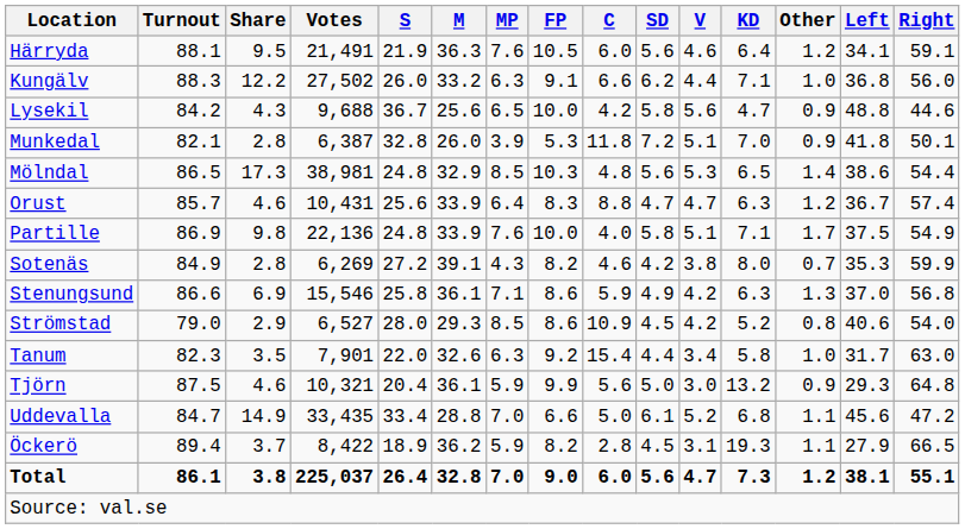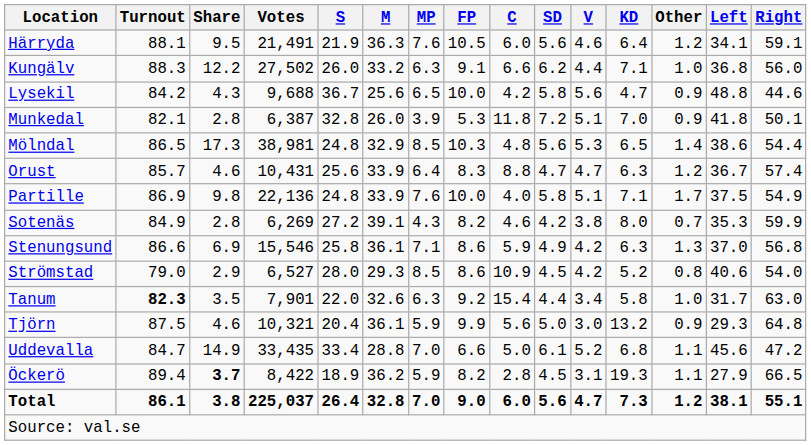 <table class="wikitable sortable" style=text-align:right>
 <tr>
 <th>Location</th>
 <th>Turnout</th>
 <th>Share</th>
 <th>Votes</th>
 <th><a href='#'>S</a></th>
 <th><a href='#'>M</a></th>
 <th><a href='#'>MP</a></th>
 <th><a href='#'>FP</a></th>
 <th><a href='#'>C</a></th>
 <th><a href='#'>SD</a></th>
 <th><a href='#'>V</a></th>
 <th><a href='#'>KD</a></th>
 <th>Other</th>
 <th><a href='#'>Left</a></th>
 <th><a href='#'>Right</a></th>
 </tr>
 <tr>
 <td align=left><a href='#'>Härryda</a></td>
 <td>88.1</td>
 <td>9.5</td>
 <td>21,491</td>
 <td>21.9</td>
 <td>36.3</td>
 <td>7.6</td>
 <td>10.5</td>
 <td>6.0</td>
 <td>5.6</td>
 <td>4.6</td>
 <td>6.4</td>
 <td>1.2</td>
 <td>34.1</td>
 <td>59.1</td>
 </tr>
 <tr>
 <td align=left><a href='#'>Kungälv</a></td>
 <td>88.3</td>
 <td>12.2</td>
 <td>27,502</td>
 <td>26.0</td>
 <td>33.2</td>
 <td>6.3</td>
 <td>9.1</td>
 <td>6.6</td>
 <td>6.2</td>
 <td>4.4</td>
 <td>7.1</td>
 <td>1.0</td>
 <td>36.8</td>
 <td>56.0</td>
 </tr>
 <tr>
 <td align=left><a href='#'>Lysekil</a></td>
 <td>84.2</td>
 <td>4.3</td>
 <td>9,688</td>
 <td>36.7</td>
 <td>25.6</td>
 <td>6.5</td>
 <td>10.0</td>
 <td>4.2</td>
 <td>5.8</td>
 <td>5.6</td>
 <td>4.7</td>
 <td>0.9</td>
 <td>48.8</td>
 <td>44.6</td>
 </tr>
 <tr>
 <td align=left><a href='#'>Munkedal</a></td>
 <td>82.1</td>
 <td>2.8</td>
 <td>6,387</td>
 <td>32.8</td>
 <td>26.0</td>
 <td>3.9</td>
 <td>5.3</td>
 <td>11.8</td>
 <td>7.2</td>
 <td>5.1</td>
 <td>7.0</td>
 <td>0.9</td>
 <td>41.8</td>
 <td>50.1</td>
 </tr>
 <tr>
 <td align=left><a href='#'>Mölndal</a></td>
 <td>86.5</td>
 <td>17.3</td>
 <td>38,981</td>
 <td>24.8</td>
 <td>32.9</td>
 <td>8.5</td>
 <td>10.3</td>
 <td>4.8</td>
 <td>5.6</td>
 <td>5.3</td>
 <td>6.5</td>
 <td>1.4</td>
 <td>38.6</td>
 <td>54.4</td>
 </tr>
 <tr>
 <td align=left><a href='#'>Orust</a></td>
 <td>85.7</td>
 <td>4.6</td>
 <td>10,431</td>
 <td>25.6</td>
 <td>33.9</td>
 <td>6.4</td>
 <td>8.3</td>
 <td>8.8</td>
 <td>4.7</td>
 <td>4.7</td>
 <td>6.3</td>
 <td>1.2</td>
 <td>36.7</td>
 <td>57.4</td>
 </tr>
 <tr>
 <td align=left><a href='#'>Partille</a></td>
 <td>86.9</td>
 <td>9.8</td>
 <td>22,136</td>
 <td>24.8</td>
 <td>33.9</td>
 <td>7.6</td>
 <td>10.0</td>
 <td>4.0</td>
 <td>5.8</td>
 <td>5.1</td>
 <td>7.1</td>
 <td>1.7</td>
 <td>37.5</td>
 <td>54.9</td>
 </tr>
 <tr>
 <td align=left><a href='#'>Sotenäs</a></td>
 <td>84.9</td>
 <td>2.8</td>
 <td>6,269</td>
 <td>27.2</td>
 <td>39.1</td>
 <td>4.3</td>
 <td>8.2</td>
 <td>4.6</td>
 <td>4.2</td>
 <td>3.8</td>
 <td>8.0</td>
 <td>0.7</td>
 <td>35.3</td>
 <td>59.9</td>
 </tr>
 <tr>
 <td align=left><a href='#'>Stenungsund</a></td>
 <td>86.6</td>
 <td>6.9</td>
 <td>15,546</td>
 <td>25.8</td>
 <td>36.1</td>
 <td>7.1</td>
 <td>8.6</td>
 <td>5.9</td>
 <td>4.9</td>
 <td>4.2</td>
 <td>6.3</td>
 <td>1.3</td>
 <td>37.0</td>
 <td>56.8</td>
 </tr>
 <tr>
 <td align=left><a href='#'>Strömstad</a></td>
 <td>79.0</td>
 <td>2.9</td>
 <td>6,527</td>
 <td>28.0</td>
 <td>29.3</td>
 <td>8.5</td>
 <td>8.6</td>
 <td>10.9</td>
 <td>4.5</td>
 <td>4.2</td>
 <td>5.2</td>
 <td>0.8</td>
 <td>40.6</td>
 <td>54.0</td>
 </tr>
 <tr>
 <td align=left><a href='#'>Tanum</a></td>
-<td>82.3</td>
+<td><strong>82.3</strong></td>
 <td>3.5</td>
 <td>7,901</td>
 <td>22.0</td>
 <td>32.6</td>
 <td>6.3</td>
 <td>9.2</td>
 <td>15.4</td>
 <td>4.4</td>
 <td>3.4</td>
 <td>5.8</td>
 <td>1.0</td>
 <td>31.7</td>
 <td>63.0</td>
 </tr>
 <tr>
 <td align=left><a href='#'>Tjörn</a></td>
 <td>87.5</td>
 <td>4.6</td>
 <td>10,321</td>
 <td>20.4</td>
 <td>36.1</td>
 <td>5.9</td>
 <td>9.9</td>
 <td>5.6</td>
 <td>5.0</td>
 <td>3.0</td>
 <td>13.2</td>
 <td>0.9</td>
 <td>29.3</td>
 <td>64.8</td>
 </tr>
 <tr>
 <td align=left><a href='#'>Uddevalla</a></td>
 <td>84.7</td>
 <td>14.9</td>
 <td>33,435</td>
 <td>33.4</td>
 <td>28.8</td>
 <td>7.0</td>
 <td>6.6</td>
 <td>5.0</td>
 <td>6.1</td>
 <td>5.2</td>
 <td>6.8</td>
 <td>1.1</td>
 <td>45.6</td>
 <td>47.2</td>
 </tr>
 <tr>
 <td align=left><a href='#'>Öckerö</a></td>
 <td>89.4</td>
-<td>3.7</td>
+<td><strong>3.7</strong></td>
 <td>8,422</td>
 <td>18.9</td>
 <td>36.2</td>
 <td>5.9</td>
 <td>8.2</td>
 <td>2.8</td>
 <td>4.5</td>
 <td>3.1</td>
 <td>19.3</td>
 <td>1.1</td>
 <td>27.9</td>
 <td>66.5</td>
 </tr>
 <tr>
 <td align=left><strong>Total</strong></td>
 <td><strong>86.1</strong></td>
 <td><strong>3.8</strong></td>
 <td><strong>225,037</strong></td>
 <td><strong>26.4</strong></td>
 <td><strong>32.8</strong></td>
 <td><strong>7.0</strong></td>
 <td><strong>9.0</strong></td>
 <td><strong>6.0</strong></td>
 <td><strong>5.6</strong></td>
 <td><strong>4.7</strong></td>
 <td><strong>7.3</strong></td>
 <td><strong>1.2</strong></td>
 <td><strong>38.1</strong></td>
 <td><strong>55.1</strong></td>
 </tr>
 <tr>
 <td align=left colspan=15>Source: val.se </td>
 </tr>
 </table>
